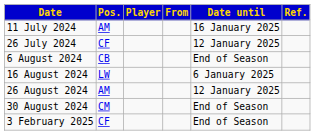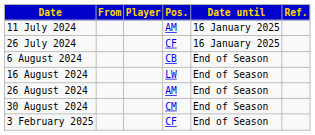 <table class="wikitable plainrowheaders sortable">
 <tr>
 <th style="background:mediumblue;color:gold;">Date</th>
+<th style="background:mediumblue;color:gold;">From</th>
+<th style="background:mediumblue;color:gold;">Player</th>
 <th style="background:mediumblue;color:gold;">Pos.</th>
-<th style="background:mediumblue;color:gold;">Player</th>
-<th style="background:mediumblue;color:gold;">From</th>
 <th style="background:mediumblue;color:gold;">Date until</th>
 <th style="background:mediumblue;color:gold;">Ref.</th>
 </tr>
 <tr>
 <td>11 July 2024</td>
-<td><a href='#'>AM</a></td>
 <td></td>
 <td></td>
+<td><a href='#'>AM</a></td>
 <td>16 January 2025</td>
 <td></td>
 </tr>
 <tr>
 <td>26 July 2024</td>
-<td><a href='#'>CF</a></td>
 <td></td>
 <td></td>
-<td>12 January 2025</td>
+<td><a href='#'>CF</a></td>
+<td>16 January 2025</td>
 <td></td>
 </tr>
 <tr>
 <td>6 August 2024</td>
-<td><a href='#'>CB</a></td>
 <td></td>
 <td></td>
+<td><a href='#'>CB</a></td>
 <td>End of Season</td>
 <td></td>
 </tr>
 <tr>
 <td>16 August 2024</td>
-<td><a href='#'>LW</a></td>
 <td></td>
 <td></td>
-<td>6 January 2025</td>
+<td><a href='#'>LW</a></td>
+<td>End of Season</td>
 <td></td>
 </tr>
 <tr>
 <td>26 August 2024</td>
-<td><a href='#'>AM</a></td>
 <td></td>
 <td></td>
-<td>12 January 2025</td>
+<td><a href='#'>AM</a></td>
+<td>End of Season</td>
 <td></td>
 </tr>
 <tr>
 <td>30 August 2024</td>
-<td><a href='#'>CM</a></td>
 <td></td>
 <td></td>
+<td><a href='#'>CM</a></td>
 <td>End of Season</td>
 <td></td>
 </tr>
 <tr>
 <td>3 February 2025</td>
-<td><a href='#'>CF</a></td>
 <td></td>
 <td></td>
+<td><a href='#'>CF</a></td>
 <td>End of Season</td>
 <td></td>
 </tr>
 </table>
